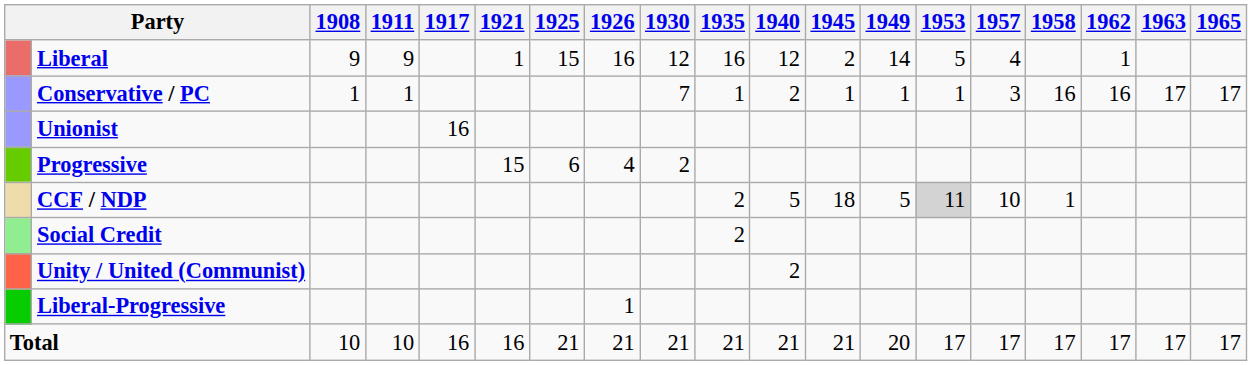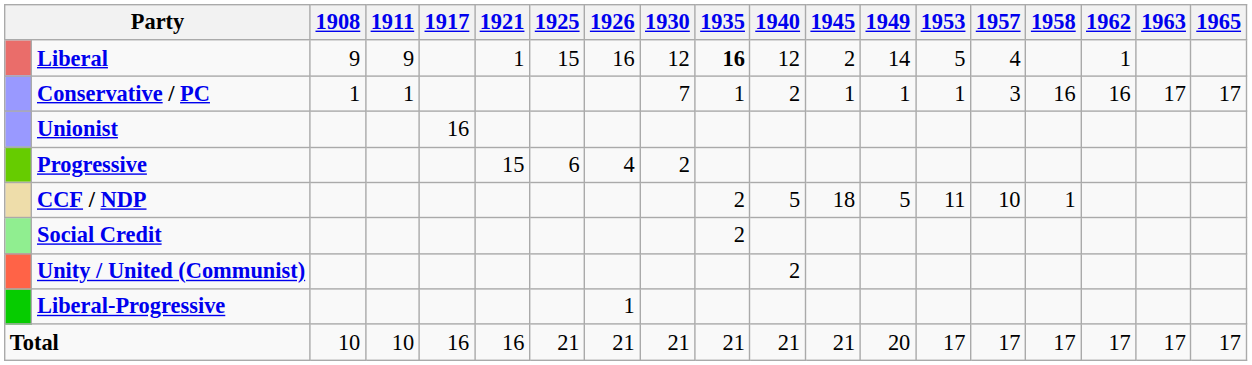 <table class="wikitable">
 <tr>
 <th colspan = "2">Party</th>
 <th><a href='#'>1908</a></th>
 <th><a href='#'>1911</a></th>
 <th><a href='#'>1917</a></th>
 <th><a href='#'>1921</a></th>
 <th><a href='#'>1925</a></th>
 <th><a href='#'>1926</a></th>
 <th><a href='#'>1930</a></th>
 <th><a href='#'>1935</a></th>
 <th><a href='#'>1940</a></th>
 <th><a href='#'>1945</a></th>
 <th><a href='#'>1949</a></th>
 <th><a href='#'>1953</a></th>
 <th><a href='#'>1957</a></th>
 <th><a href='#'>1958</a></th>
 <th><a href='#'>1962</a></th>
 <th><a href='#'>1963</a></th>
 <th><a href='#'>1965</a></th>
 </tr>
 <tr align = "right">
 <td bgcolor="#EA6D6A">   </td>
 <td align="left"><strong><a href='#'>Liberal</a></strong></td>
 <td>9</td>
 <td>9</td>
 <td></td>
 <td>1</td>
 <td>15</td>
 <td>16</td>
 <td>12</td>
-<td>16</td>
+<td><strong>16</strong></td>
 <td>12</td>
 <td>2</td>
 <td>14</td>
 <td>5</td>
 <td>4</td>
 <td></td>
 <td>1</td>
 <td></td>
 <td></td>
 </tr>
 <tr align = "right">
 <td bgcolor="#9999FF">   </td>
 <td align="left"><strong><a href='#'>Conservative</a></strong> <strong>/</strong> <strong><a href='#'>PC</a></strong></td>
 <td>1</td>
 <td>1</td>
 <td></td>
 <td></td>
 <td></td>
 <td></td>
 <td>7</td>
 <td>1</td>
 <td>2</td>
 <td>1</td>
 <td>1</td>
 <td>1</td>
 <td>3</td>
 <td>16</td>
 <td>16</td>
 <td>17</td>
 <td>17</td>
 </tr>
 <tr align = "right">
 <td bgcolor="#9999FF">   </td>
 <td align="left"><strong><a href='#'>Unionist</a></strong></td>
 <td></td>
 <td></td>
 <td>16</td>
 <td></td>
 <td></td>
 <td></td>
 <td></td>
 <td></td>
 <td></td>
 <td></td>
 <td></td>
 <td></td>
 <td></td>
 <td></td>
 <td></td>
 <td></td>
 <td></td>
 </tr>
 <tr align = "right">
 <td bgcolor="#66CC00">   </td>
 <td align="left"><strong><a href='#'>Progressive</a></strong></td>
 <td></td>
 <td></td>
 <td></td>
 <td>15</td>
 <td>6</td>
 <td>4</td>
 <td>2</td>
 <td></td>
 <td></td>
 <td></td>
 <td></td>
 <td></td>
 <td></td>
 <td></td>
 <td></td>
 <td></td>
 <td></td>
 </tr>
 <tr align = "right">
 <td bgcolor="#EEDDAA">   </td>
 <td align="left"><strong><a href='#'>CCF</a></strong> <strong>/</strong> <strong><a href='#'>NDP</a></strong></td>
 <td></td>
 <td></td>
 <td></td>
 <td></td>
 <td></td>
 <td></td>
 <td></td>
 <td>2</td>
 <td>5</td>
 <td>18</td>
 <td>5</td>
-<td style="background: lightgrey;">11</td>
+<td>11</td>
 <td>10</td>
 <td>1</td>
 <td></td>
 <td></td>
 <td></td>
 </tr>
 <tr align = "right">
 <td bgcolor="#90EE90">   </td>
 <td align="left"><strong><a href='#'>Social Credit</a></strong></td>
 <td></td>
 <td></td>
 <td></td>
 <td></td>
 <td></td>
 <td></td>
 <td></td>
 <td>2</td>
 <td></td>
 <td></td>
 <td></td>
 <td></td>
 <td></td>
 <td></td>
 <td></td>
 <td></td>
 <td></td>
 </tr>
 <tr align = "right">
 <td bgcolor="#FF6347">   </td>
 <td align="left"><strong><a href='#'>Unity / United (Communist)</a></strong></td>
 <td></td>
 <td></td>
 <td></td>
 <td></td>
 <td></td>
 <td></td>
 <td></td>
 <td></td>
 <td>2</td>
 <td></td>
 <td></td>
 <td></td>
 <td></td>
 <td></td>
 <td></td>
 <td></td>
 <td></td>
 </tr>
 <tr align = "right">
 <td bgcolor="##66CC00">   </td>
 <td align="left"><strong><a href='#'>Liberal-Progressive</a></strong></td>
 <td></td>
 <td></td>
 <td></td>
 <td></td>
 <td></td>
 <td>1</td>
 <td></td>
 <td></td>
 <td></td>
 <td></td>
 <td></td>
 <td></td>
 <td></td>
 <td></td>
 <td></td>
 <td></td>
 <td></td>
 </tr>
 <tr align = "right">
 <td colspan = "2" align="left"><strong>Total</strong></td>
 <td>10</td>
 <td>10</td>
 <td>16</td>
 <td>16</td>
 <td>21</td>
 <td>21</td>
 <td>21</td>
 <td>21</td>
 <td>21</td>
 <td>21</td>
 <td>20</td>
 <td>17</td>
 <td>17</td>
 <td>17</td>
 <td>17</td>
 <td>17</td>
 <td>17</td>
 </tr>
 </table>
